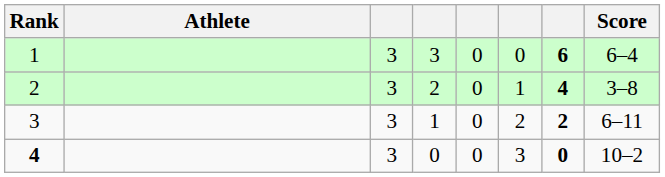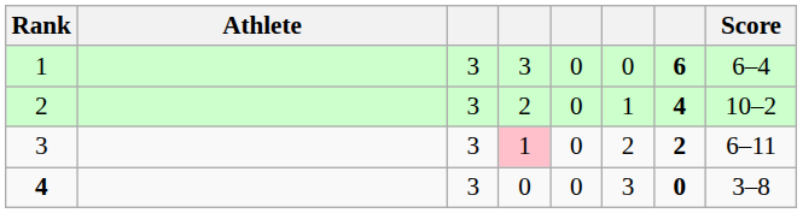 <table class="wikitable" style="text-align: center;">
 <tr>
 <th width=25>Rank</th>
 <th width=225>Athlete</th>
 <th width=25></th>
 <th width=25></th>
 <th width=25></th>
 <th width=25></th>
 <th width=25></th>
 <th width=50>Score</th>
 </tr>
 <tr bgcolor=ccffcc>
 <td>1</td>
 <td align=left></td>
 <td>3</td>
 <td>3</td>
 <td>0</td>
 <td>0</td>
 <td><strong>6</strong></td>
 <td>6–4</td>
 </tr>
 <tr bgcolor=ccffcc>
 <td>2</td>
 <td align=left></td>
 <td>3</td>
 <td>2</td>
 <td>0</td>
 <td>1</td>
 <td><strong>4</strong></td>
-<td>3–8</td>
+<td>10–2</td>
 </tr>
 <tr>
 <td>3</td>
 <td align=left></td>
 <td>3</td>
-<td>1</td>
+<td style="background: pink;">1</td>
 <td>0</td>
 <td>2</td>
 <td><strong>2</strong></td>
 <td>6–11</td>
 </tr>
 <tr>
 <td><strong>4</strong></td>
 <td align=left></td>
 <td>3</td>
 <td>0</td>
 <td>0</td>
 <td>3</td>
 <td><strong>0</strong></td>
-<td>10–2</td>
+<td>3–8</td>
 </tr>
 </table>
